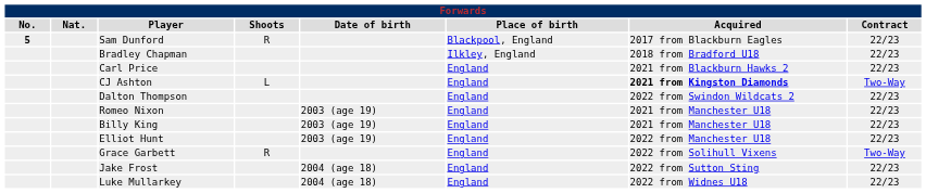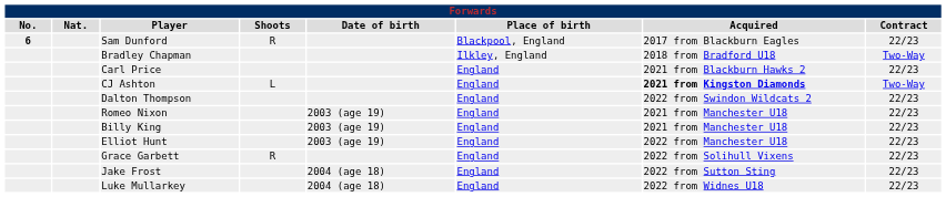 <table class="toccolours"  style="width:97%; clear:both; margin:1.5em auto; text-align:center;">
 <tr style="background:#ddd;">
 <th colspan="11" style="background:#002d64; color:#b92a30;”">Forwards</th>
 </tr>
 <tr style="background:#ddd;">
 <th width=5%>No.</th>
 <th width=5%>Nat.</th>
 <th !width=22%>Player</th>
 <th width=7%>Shoots</th>
 <th width=16%>Date of birth</th>
 <th width=20%>Place of birth</th>
 <th width=24%>Acquired</th>
 <td><strong>Contract</strong></td>
 </tr>
 <tr style="background:#eee;">
-<td><strong>5</strong></td>
+<td><strong>6</strong></td>
 <td></td>
 <td align=left>Sam Dunford</td>
 <td>R</td>
 <td align=left></td>
 <td align=left><a href='#'>Blackpool</a>, England</td>
 <td align=left>2017 from Blackburn Eagles</td>
 <td>22/23</td>
 </tr>
 <tr style="background:#eee;">
 <td></td>
 <td></td>
 <td align=left>Bradley Chapman</td>
 <td></td>
 <td align=left></td>
 <td align=left><a href='#'>Ilkley</a>, England</td>
 <td align=left>2018 from <a href='#'>Bradford U18</a></td>
-<td>22/23</td>
+<td><a href='#'>Two-Way</a></td>
 </tr>
 <tr style="background:#eee;">
 <td></td>
 <td></td>
 <td align=left>Carl Price</td>
 <td></td>
 <td align=left></td>
 <td align=left><a href='#'>England</a></td>
 <td align=left>2021 from <a href='#'>Blackburn Hawks 2</a></td>
 <td>22/23</td>
 </tr>
 <tr style="background:#eee;">
 <td></td>
 <td></td>
 <td align=left>CJ Ashton</td>
 <td>L</td>
 <td align=left></td>
 <td align=left><a href='#'>England</a></td>
 <td align=left><strong>2021 from <a href='#'>Kingston Diamonds</a></strong></td>
 <td><a href='#'>Two-Way</a></td>
 </tr>
 <tr style="background:#eee;">
 <td></td>
 <td></td>
 <td align=left>Dalton Thompson</td>
 <td></td>
 <td align=left></td>
 <td align=left><a href='#'>England</a></td>
 <td align=left>2022 from <a href='#'>Swindon Wildcats 2</a></td>
 <td>22/23</td>
 </tr>
 <tr style="background:#eee;">
 <td></td>
 <td></td>
 <td align=left>Romeo Nixon</td>
 <td></td>
 <td align=left>2003 (age 19)</td>
 <td align=left><a href='#'>England</a></td>
 <td align=left>2021 from <a href='#'>Manchester U18</a></td>
 <td>22/23</td>
 </tr>
 <tr style="background:#eee;">
 <td></td>
 <td></td>
 <td align=left>Billy King</td>
 <td></td>
 <td align=left>2003 (age 19)</td>
 <td align=left><a href='#'>England</a></td>
 <td align=left>2021 from <a href='#'>Manchester U18</a></td>
 <td>22/23</td>
 </tr>
 <tr style="background:#eee;">
 <td></td>
 <td></td>
 <td align=left>Elliot Hunt</td>
 <td></td>
 <td align=left>2003 (age 19)</td>
 <td align=left><a href='#'>England</a></td>
 <td align=left>2022 from <a href='#'>Manchester U18</a></td>
 <td>22/23</td>
 </tr>
 <tr style="background:#eee;">
 <td></td>
 <td></td>
 <td align=left>Grace Garbett</td>
 <td>R</td>
 <td align=left></td>
 <td align=left><a href='#'>England</a></td>
 <td align=left>2022 from <a href='#'>Solihull Vixens</a></td>
-<td><a href='#'>Two-Way</a></td>
+<td>22/23</td>
 </tr>
 <tr style="background:#eee;">
 <td></td>
 <td></td>
 <td align=left>Jake Frost</td>
 <td></td>
 <td align=left>2004 (age 18)</td>
 <td align=left><a href='#'>England</a></td>
 <td align=left>2022 from <a href='#'>Sutton Sting</a></td>
 <td>22/23</td>
 </tr>
 <tr style="background:#eee;">
 <td></td>
 <td></td>
 <td align=left>Luke Mullarkey</td>
 <td></td>
 <td align=left>2004 (age 18)</td>
 <td align=left><a href='#'>England</a></td>
 <td align=left>2022 from <a href='#'>Widnes U18</a></td>
 <td>22/23</td>
 </tr>
 </table>
